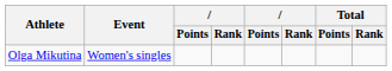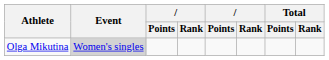 <table class="wikitable" style="font-size:90%; text-align:center">
 <tr>
 <th rowspan=2>Athlete</th>
 <th rowspan=2>Event</th>
 <th colspan=2>/</th>
 <th colspan=2>/</th>
 <th colspan=2>Total</th>
 </tr>
 <tr style="font-size:95%">
 <th>Points</th>
 <th>Rank</th>
 <th>Points</th>
 <th>Rank</th>
 <th>Points</th>
 <th>Rank</th>
 </tr>
 <tr>
 <td align=left><a href='#'>Olga Mikutina</a></td>
-<td align=left><a href='#'>Women's singles</a></td>
+<td align=left style="background: lightgrey;"><a href='#'>Women's singles</a></td>
 <td></td>
 <td></td>
 <td></td>
 <td></td>
 <td></td>
 <td></td>
 </tr>
 </table>
